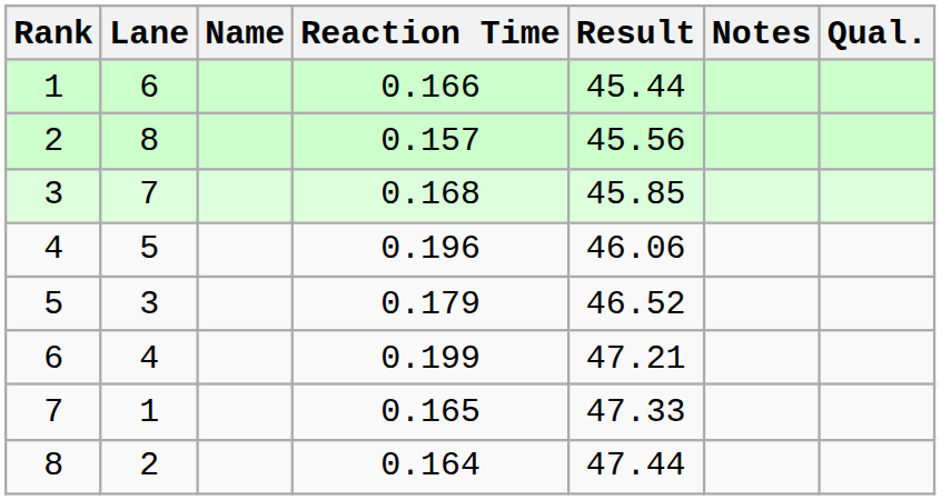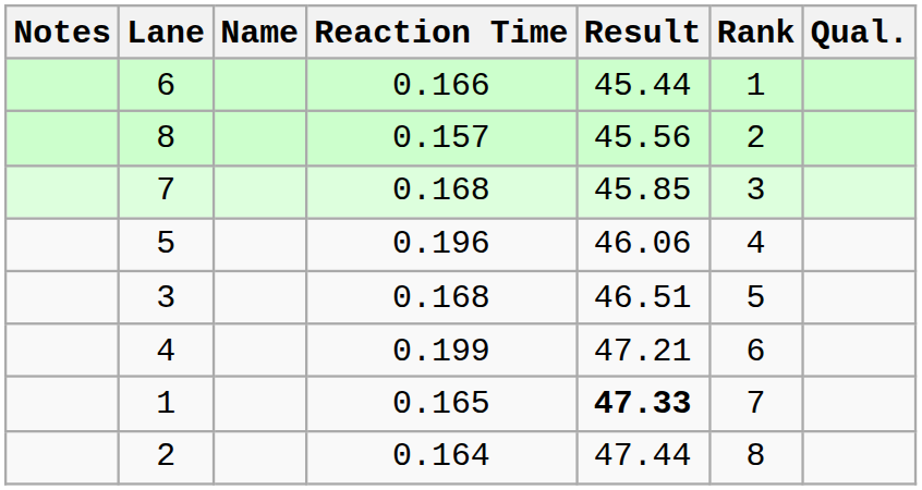 <table class="wikitable sortable" style="text-align:center">
 <tr>
-<th>Rank</th>
+<th>Notes</th>
 <th>Lane</th>
 <th>Name</th>
 <th>Reaction Time</th>
 <th>Result</th>
-<th>Notes</th>
+<th>Rank</th>
 <th>Qual.</th>
 </tr>
 <tr bgcolor=ccffcc>
-<td>1</td>
+<td></td>
 <td>6</td>
 <td align="left"></td>
 <td>0.166</td>
 <td>45.44</td>
-<td></td>
+<td>1</td>
 <td></td>
 </tr>
 <tr bgcolor=ccffcc>
-<td>2</td>
+<td></td>
 <td>8</td>
 <td align="left"></td>
 <td>0.157</td>
 <td>45.56</td>
-<td></td>
+<td>2</td>
 <td></td>
 </tr>
 <tr bgcolor=ddffdd>
-<td>3</td>
+<td></td>
 <td>7</td>
 <td align="left"></td>
 <td>0.168</td>
 <td>45.85</td>
-<td></td>
+<td>3</td>
 <td></td>
 </tr>
 <tr>
-<td>4</td>
+<td></td>
 <td>5</td>
 <td align="left"></td>
 <td>0.196</td>
 <td>46.06</td>
-<td></td>
+<td>4</td>
 <td></td>
 </tr>
 <tr>
-<td>5</td>
+<td></td>
 <td>3</td>
 <td align="left"></td>
-<td>0.179</td>
-<td>46.52</td>
-<td></td>
+<td>0.168</td>
+<td>46.51</td>
+<td>5</td>
 <td></td>
 </tr>
 <tr>
-<td>6</td>
+<td></td>
 <td>4</td>
 <td align="left"></td>
 <td>0.199</td>
 <td>47.21</td>
-<td></td>
+<td>6</td>
 <td></td>
 </tr>
 <tr>
-<td>7</td>
+<td></td>
 <td>1</td>
 <td align="left"></td>
 <td>0.165</td>
-<td>47.33</td>
-<td></td>
+<td><strong>47.33</strong></td>
+<td>7</td>
 <td></td>
 </tr>
 <tr>
-<td>8</td>
+<td></td>
 <td>2</td>
 <td align="left"></td>
 <td>0.164</td>
 <td>47.44</td>
-<td></td>
+<td>8</td>
 <td></td>
 </tr>
 </table>
